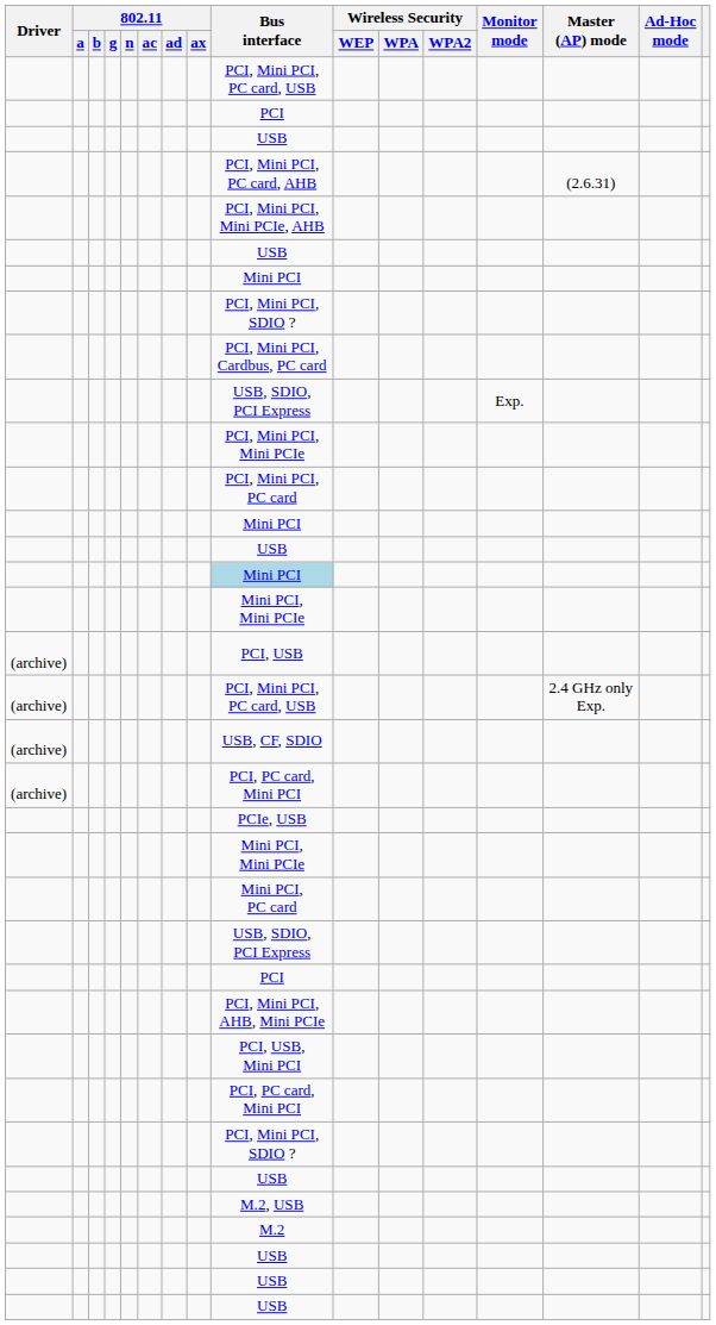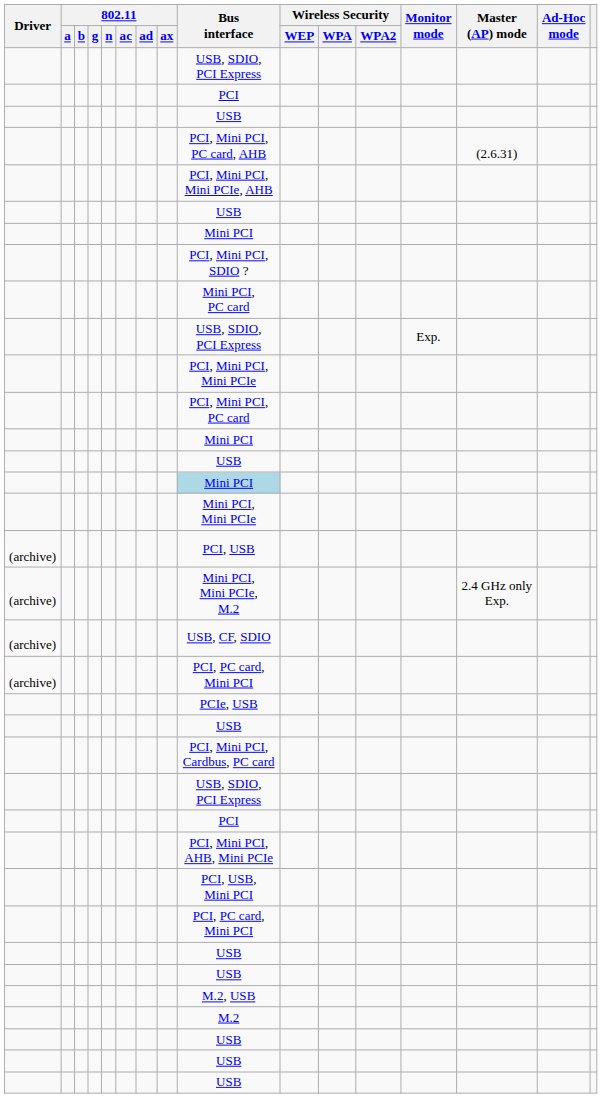 <table class="wikitable sortable" style="font-size: 85%; text-align: center; width: 99%;">
 <tr>
 <th rowspan="2">Driver</th>
 <th colspan="7"><a href='#'>802.11</a></th>
 <th rowspan="2">Bus<br>interface</th>
 <th colspan="3">Wireless Security</th>
 <th rowspan="2"><a href='#'>Monitor<br>mode</a></th>
 <th rowspan="2">Master<br>(<a href='#'>AP</a>) mode</th>
 <th rowspan="2"><a href='#'>Ad-Hoc<br>mode</a></th>
 <th rowspan="2"></th>
 </tr>
 <tr>
 <th><a href='#'>a</a><br></th>
 <th><a href='#'>b</a><br></th>
 <th><a href='#'>g</a><br></th>
 <th><a href='#'>n</a><br></th>
 <th><a href='#'>ac</a><br></th>
 <th><a href='#'>ad</a><br></th>
 <th><a href='#'>ax</a><br></th>
 <th><a href='#'>WEP</a></th>
 <th><a href='#'>WPA</a></th>
 <th><a href='#'>WPA2</a></th>
 </tr>
 <tr>
 <td></td>
 <td></td>
 <td></td>
 <td></td>
 <td></td>
 <td></td>
 <td></td>
 <td></td>
-<td><a href='#'>PCI</a>, <a href='#'>Mini PCI</a>, <br><a href='#'>PC card</a>, <a href='#'>USB</a></td>
+<td><a href='#'>USB</a>, <a href='#'>SDIO</a>,<br><a href='#'>PCI Express</a></td>
 <td></td>
 <td></td>
 <td></td>
 <td></td>
 <td></td>
 <td></td>
 <td></td>
 </tr>
 <tr>
 <td></td>
 <td></td>
 <td></td>
 <td></td>
 <td></td>
 <td></td>
 <td></td>
 <td></td>
 <td><a href='#'>PCI</a></td>
 <td></td>
 <td></td>
 <td></td>
 <td></td>
 <td></td>
 <td></td>
 <td></td>
 </tr>
 <tr>
 <td></td>
 <td></td>
 <td></td>
 <td></td>
 <td></td>
 <td></td>
 <td></td>
 <td></td>
 <td><a href='#'>USB</a></td>
 <td></td>
 <td></td>
 <td></td>
 <td></td>
 <td></td>
 <td></td>
 <td></td>
 </tr>
 <tr>
 <td></td>
 <td></td>
 <td></td>
 <td></td>
 <td></td>
 <td></td>
 <td></td>
 <td></td>
 <td><a href='#'>PCI</a>, <a href='#'>Mini PCI</a>, <br><a href='#'>PC card</a>, <a href='#'>AHB</a></td>
 <td></td>
 <td></td>
 <td></td>
 <td></td>
 <td> <br>(2.6.31)</td>
 <td></td>
 <td></td>
 </tr>
 <tr>
 <td></td>
 <td></td>
 <td></td>
 <td></td>
 <td></td>
 <td></td>
 <td></td>
 <td></td>
 <td><a href='#'>PCI</a>, <a href='#'>Mini PCI</a>, <br><a href='#'>Mini PCIe</a>, <a href='#'>AHB</a></td>
 <td></td>
 <td></td>
 <td></td>
 <td></td>
 <td></td>
 <td></td>
 <td></td>
 </tr>
 <tr TESTING>
 <td></td>
 <td></td>
 <td></td>
 <td></td>
 <td></td>
 <td></td>
 <td></td>
 <td></td>
 <td><a href='#'>USB</a></td>
 <td></td>
 <td></td>
 <td></td>
 <td></td>
 <td></td>
 <td></td>
 <td></td>
 </tr>
 <tr>
 <td></td>
 <td></td>
 <td></td>
 <td></td>
 <td></td>
 <td></td>
 <td></td>
 <td></td>
 <td><a href='#'>Mini PCI</a></td>
 <td></td>
 <td></td>
 <td></td>
 <td></td>
 <td></td>
 <td></td>
 <td></td>
 </tr>
 <tr>
 <td></td>
 <td></td>
 <td></td>
 <td></td>
 <td></td>
 <td></td>
 <td></td>
 <td></td>
 <td><a href='#'>PCI</a>, <a href='#'>Mini PCI</a>, <br><a href='#'>SDIO</a> ?</td>
 <td></td>
 <td></td>
 <td></td>
 <td></td>
 <td></td>
 <td></td>
 <td></td>
 </tr>
 <tr>
 <td></td>
 <td></td>
 <td></td>
 <td></td>
 <td></td>
 <td></td>
 <td></td>
 <td></td>
-<td><a href='#'>PCI</a>, <a href='#'>Mini PCI</a>,<br><a href='#'>Cardbus</a>, <a href='#'>PC card</a></td>
+<td><a href='#'>Mini PCI</a>,<br><a href='#'>PC card</a></td>
 <td></td>
 <td></td>
 <td></td>
 <td></td>
 <td></td>
 <td></td>
 <td></td>
 </tr>
 <tr>
 <td></td>
 <td></td>
 <td></td>
 <td></td>
 <td></td>
 <td></td>
 <td></td>
 <td></td>
 <td><a href='#'>USB</a>, <a href='#'>SDIO</a>,<br><a href='#'>PCI Express</a></td>
 <td></td>
 <td></td>
 <td></td>
 <td>Exp. </td>
 <td> </td>
 <td></td>
 <td></td>
 </tr>
 <tr>
 <td></td>
 <td></td>
 <td></td>
 <td></td>
 <td></td>
 <td></td>
 <td></td>
 <td></td>
 <td><a href='#'>PCI</a>, <a href='#'>Mini PCI</a>,<br><a href='#'>Mini PCIe</a></td>
 <td></td>
 <td></td>
 <td></td>
 <td></td>
 <td> </td>
 <td> </td>
 <td></td>
 </tr>
 <tr>
 <td></td>
 <td></td>
 <td></td>
 <td></td>
 <td></td>
 <td></td>
 <td></td>
 <td></td>
 <td><a href='#'>PCI</a>, <a href='#'>Mini PCI</a>,<br><a href='#'>PC card</a></td>
 <td></td>
 <td> </td>
 <td> </td>
 <td></td>
 <td></td>
 <td></td>
 <td></td>
 </tr>
 <tr>
 <td></td>
 <td></td>
 <td></td>
 <td></td>
 <td></td>
 <td></td>
 <td></td>
 <td></td>
 <td><a href='#'>Mini PCI</a></td>
 <td></td>
 <td></td>
 <td></td>
 <td></td>
 <td></td>
 <td></td>
 <td></td>
 </tr>
 <tr>
 <td></td>
 <td></td>
 <td></td>
 <td></td>
 <td></td>
 <td></td>
 <td></td>
 <td></td>
 <td><a href='#'>USB</a></td>
 <td></td>
 <td></td>
 <td></td>
 <td></td>
 <td></td>
 <td></td>
 <td></td>
 </tr>
 <tr>
 <td></td>
 <td></td>
 <td></td>
 <td></td>
 <td></td>
 <td></td>
 <td></td>
 <td></td>
 <td style="background: lightblue;"><a href='#'>Mini PCI</a></td>
 <td></td>
 <td></td>
 <td></td>
 <td></td>
 <td></td>
 <td></td>
 <td></td>
 </tr>
 <tr>
 <td></td>
 <td></td>
 <td></td>
 <td></td>
 <td></td>
 <td></td>
 <td></td>
 <td></td>
 <td><a href='#'>Mini PCI</a>,<br><a href='#'>Mini PCIe</a></td>
 <td></td>
 <td></td>
 <td></td>
 <td></td>
 <td></td>
 <td></td>
 <td></td>
 </tr>
 <tr>
 <td><br>(archive)</td>
 <td></td>
 <td></td>
 <td></td>
 <td></td>
 <td></td>
 <td></td>
 <td></td>
 <td><a href='#'>PCI</a>, <a href='#'>USB</a></td>
 <td></td>
 <td></td>
 <td></td>
 <td></td>
 <td></td>
 <td></td>
 <td></td>
 </tr>
 <tr>
 <td> <br>(archive)</td>
 <td></td>
 <td></td>
 <td></td>
 <td></td>
 <td></td>
 <td></td>
 <td></td>
-<td><a href='#'>PCI</a>, <a href='#'>Mini PCI</a>, <br><a href='#'>PC card</a>, <a href='#'>USB</a></td>
+<td><a href='#'>Mini PCI</a>, <br><a href='#'>Mini PCIe</a>, <br><a href='#'>M.2</a></td>
 <td></td>
 <td></td>
 <td></td>
 <td></td>
 <td>2.4 GHz only<br>Exp.</td>
 <td></td>
 <td></td>
 </tr>
 <tr>
 <td> <br>(archive)</td>
 <td></td>
 <td></td>
 <td></td>
 <td></td>
 <td></td>
 <td></td>
 <td></td>
 <td><a href='#'>USB</a>, <a href='#'>CF</a>, <a href='#'>SDIO</a></td>
 <td></td>
 <td></td>
 <td></td>
 <td></td>
 <td></td>
 <td></td>
 <td></td>
 </tr>
 <tr>
 <td> <br>(archive)</td>
 <td></td>
 <td></td>
 <td></td>
 <td></td>
 <td></td>
 <td></td>
 <td></td>
 <td><a href='#'>PCI</a>, <a href='#'>PC card</a>,<br><a href='#'>Mini PCI</a></td>
 <td></td>
 <td></td>
 <td></td>
 <td></td>
 <td></td>
 <td> </td>
 <td></td>
 </tr>
 <tr>
 <td></td>
 <td></td>
 <td></td>
 <td></td>
 <td></td>
 <td></td>
 <td></td>
 <td></td>
 <td><a href='#'>PCIe</a>, <a href='#'>USB</a></td>
 <td></td>
 <td></td>
 <td></td>
 <td></td>
 <td></td>
 <td></td>
 <td></td>
 </tr>
 <tr>
 <td></td>
 <td></td>
 <td></td>
 <td></td>
 <td></td>
 <td></td>
 <td></td>
 <td></td>
-<td><a href='#'>Mini PCI</a>,<br><a href='#'>Mini PCIe</a></td>
+<td><a href='#'>USB</a></td>
 <td></td>
 <td></td>
 <td></td>
 <td></td>
 <td></td>
 <td></td>
 <td></td>
 </tr>
 <tr>
 <td></td>
 <td></td>
 <td></td>
 <td></td>
 <td></td>
 <td></td>
 <td></td>
 <td></td>
-<td><a href='#'>Mini PCI</a>,<br><a href='#'>PC card</a></td>
+<td><a href='#'>PCI</a>, <a href='#'>Mini PCI</a>,<br><a href='#'>Cardbus</a>, <a href='#'>PC card</a></td>
 <td></td>
 <td> </td>
 <td></td>
 <td></td>
 <td></td>
 <td></td>
 <td></td>
 </tr>
 <tr>
 <td></td>
 <td></td>
 <td></td>
 <td></td>
 <td></td>
 <td></td>
 <td></td>
 <td></td>
 <td><a href='#'>USB</a>, <a href='#'>SDIO</a>,<br><a href='#'>PCI Express</a></td>
 <td></td>
 <td></td>
 <td></td>
 <td></td>
 <td></td>
 <td></td>
 <td></td>
 </tr>
 <tr>
 <td></td>
 <td></td>
 <td></td>
 <td></td>
 <td></td>
 <td></td>
 <td></td>
 <td></td>
 <td><a href='#'>PCI</a></td>
 <td></td>
 <td></td>
 <td></td>
 <td></td>
 <td></td>
 <td></td>
 <td></td>
 </tr>
 <tr>
 <td></td>
 <td></td>
 <td></td>
 <td></td>
 <td></td>
 <td></td>
 <td></td>
 <td></td>
 <td><a href='#'>PCI</a>, <a href='#'>Mini PCI</a>, <br><a href='#'>AHB</a>, <a href='#'>Mini PCIe</a></td>
 <td></td>
 <td></td>
 <td></td>
 <td></td>
 <td></td>
 <td></td>
 <td></td>
 </tr>
 <tr>
 <td></td>
 <td></td>
 <td></td>
 <td></td>
 <td></td>
 <td></td>
 <td></td>
 <td></td>
 <td><a href='#'>PCI</a>, <a href='#'>USB</a>,<br><a href='#'>Mini PCI</a></td>
 <td></td>
 <td> </td>
 <td> </td>
 <td></td>
 <td> </td>
 <td></td>
 <td></td>
 </tr>
 <tr>
 <td></td>
 <td></td>
 <td></td>
 <td></td>
 <td></td>
 <td></td>
 <td></td>
 <td></td>
 <td><a href='#'>PCI</a>, <a href='#'>PC card</a>,<br><a href='#'>Mini PCI</a></td>
 <td></td>
 <td></td>
 <td></td>
 <td></td>
 <td></td>
 <td></td>
 <td></td>
 </tr>
 <tr>
 <td></td>
 <td></td>
 <td></td>
 <td></td>
 <td></td>
 <td></td>
 <td></td>
 <td></td>
-<td><a href='#'>PCI</a>, <a href='#'>Mini PCI</a>, <br><a href='#'>SDIO</a> ?</td>
+<td><a href='#'>USB</a></td>
 <td></td>
 <td></td>
 <td></td>
 <td></td>
 <td></td>
 <td></td>
 <td></td>
 </tr>
 <tr>
 <td></td>
 <td></td>
 <td></td>
 <td></td>
 <td></td>
 <td></td>
 <td></td>
 <td></td>
 <td><a href='#'>USB</a></td>
 <td></td>
 <td></td>
 <td></td>
 <td></td>
 <td> </td>
 <td></td>
 <td></td>
 </tr>
 <tr>
 <td></td>
 <td></td>
 <td></td>
 <td></td>
 <td></td>
 <td></td>
 <td></td>
 <td></td>
 <td><a href='#'>M.2</a>, <a href='#'>USB</a></td>
 <td></td>
 <td></td>
 <td></td>
 <td></td>
 <td></td>
 <td></td>
 <td></td>
 </tr>
 <tr>
 <td></td>
 <td></td>
 <td></td>
 <td></td>
 <td></td>
 <td></td>
 <td></td>
 <td></td>
 <td><a href='#'>M.2</a></td>
 <td></td>
 <td></td>
 <td></td>
 <td></td>
 <td></td>
 <td></td>
 <td></td>
 </tr>
 <tr>
 <td></td>
 <td></td>
 <td></td>
 <td></td>
 <td></td>
 <td></td>
 <td></td>
 <td></td>
 <td><a href='#'>USB</a></td>
 <td></td>
 <td> </td>
 <td> </td>
 <td></td>
 <td></td>
 <td></td>
 <td></td>
 </tr>
 <tr>
 <td></td>
 <td></td>
 <td></td>
 <td></td>
 <td></td>
 <td></td>
 <td></td>
 <td></td>
 <td><a href='#'>USB</a></td>
 <td></td>
 <td></td>
 <td></td>
 <td></td>
 <td></td>
 <td></td>
 <td></td>
 </tr>
 <tr>
 <td></td>
 <td></td>
 <td></td>
 <td></td>
 <td></td>
 <td></td>
 <td></td>
 <td></td>
 <td><a href='#'>USB</a></td>
 <td></td>
 <td></td>
 <td></td>
 <td></td>
 <td> </td>
 <td></td>
 <td></td>
 </tr>
 </table>
